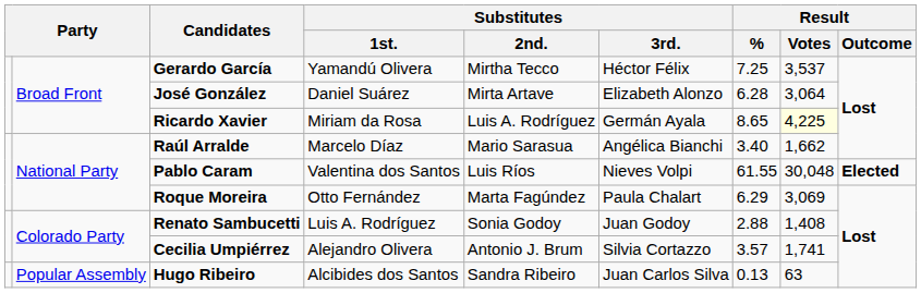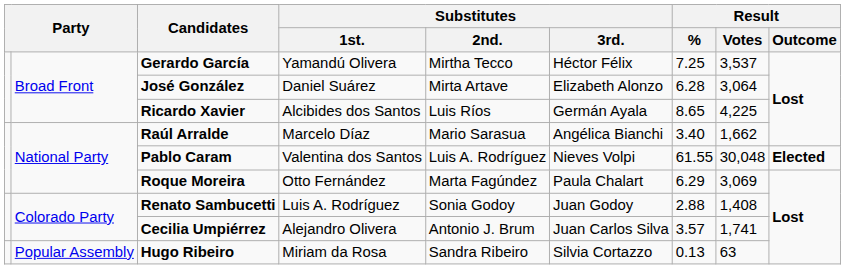 <table class="wikitable">
 <tr>
 <th colspan="2" rowspan="2">Party</th>
 <th rowspan="2">Candidates</th>
 <th colspan="3">Substitutes</th>
 <th colspan="3">Result</th>
 </tr>
 <tr>
 <th>1st.</th>
 <th>2nd.</th>
 <th>3rd.</th>
 <th>%</th>
 <th>Votes</th>
 <th>Outcome</th>
 </tr>
 <tr>
 <td rowspan="3" style="background:"></td>
 <td rowspan="3"><a href='#'>Broad Front</a></td>
 <td><strong>Gerardo García</strong></td>
 <td>Yamandú Olivera</td>
 <td>Mirtha Tecco</td>
 <td>Héctor Félix</td>
 <td>7.25</td>
 <td>3,537</td>
 <td rowspan="4"><strong>Lost</strong> </td>
 </tr>
 <tr>
 <td><strong>José González</strong></td>
 <td>Daniel Suárez</td>
 <td>Mirta Artave</td>
 <td>Elizabeth Alonzo</td>
 <td>6.28</td>
 <td>3,064</td>
 </tr>
 <tr>
 <td><strong>Ricardo Xavier</strong></td>
-<td>Miriam da Rosa</td>
-<td>Luis A. Rodríguez</td>
+<td>Alcibides dos Santos</td>
+<td>Luis Ríos</td>
 <td>Germán Ayala</td>
 <td>8.65</td>
-<td style="background: lightyellow;">4,225</td>
+<td>4,225</td>
 </tr>
 <tr>
 <td rowspan="3" style="background:"></td>
 <td rowspan="3"><a href='#'>National Party</a></td>
 <td><strong>Raúl Arralde</strong></td>
 <td>Marcelo Díaz</td>
 <td>Mario Sarasua</td>
 <td>Angélica Bianchi</td>
 <td>3.40</td>
 <td>1,662</td>
 </tr>
 <tr>
 <td><strong>Pablo Caram</strong></td>
 <td>Valentina dos Santos</td>
-<td>Luis Ríos</td>
+<td>Luis A. Rodríguez</td>
 <td>Nieves Volpi</td>
 <td>61.55</td>
 <td>30,048</td>
 <td><strong>Elected</strong> </td>
 </tr>
 <tr>
 <td><strong>Roque Moreira</strong></td>
 <td>Otto Fernández</td>
 <td>Marta Fagúndez</td>
 <td>Paula Chalart</td>
 <td>6.29</td>
 <td>3,069</td>
 <td rowspan="4"><strong>Lost</strong> </td>
 </tr>
 <tr>
 <td rowspan="2" style="background:"></td>
 <td rowspan="2"><a href='#'>Colorado Party</a></td>
 <td><strong>Renato Sambucetti</strong></td>
 <td>Luis A. Rodríguez</td>
 <td>Sonia Godoy</td>
 <td>Juan Godoy</td>
 <td>2.88</td>
 <td>1,408</td>
 </tr>
 <tr>
 <td><strong>Cecilia Umpiérrez</strong></td>
 <td>Alejandro Olivera</td>
 <td>Antonio J. Brum</td>
-<td>Silvia Cortazzo</td>
+<td>Juan Carlos Silva</td>
 <td>3.57</td>
 <td>1,741</td>
 </tr>
 <tr>
 <td style="background:"></td>
 <td><a href='#'>Popular Assembly</a></td>
 <td><strong>Hugo Ribeiro</strong></td>
-<td>Alcibides dos Santos</td>
+<td>Miriam da Rosa</td>
 <td>Sandra Ribeiro</td>
-<td>Juan Carlos Silva</td>
+<td>Silvia Cortazzo</td>
 <td>0.13</td>
 <td>63</td>
 </tr>
 </table>
